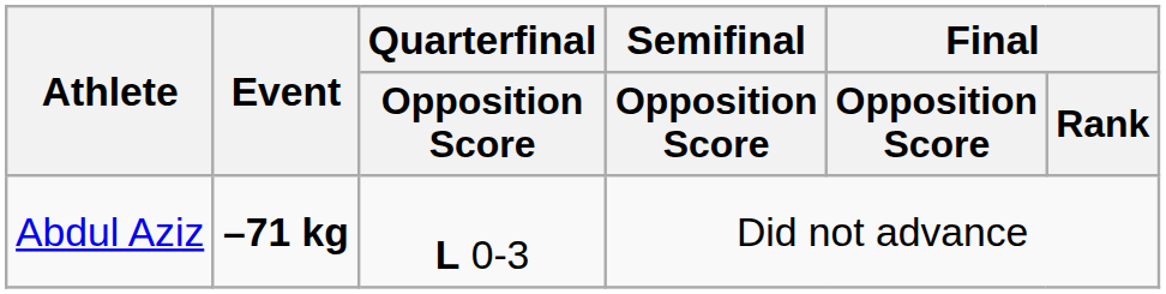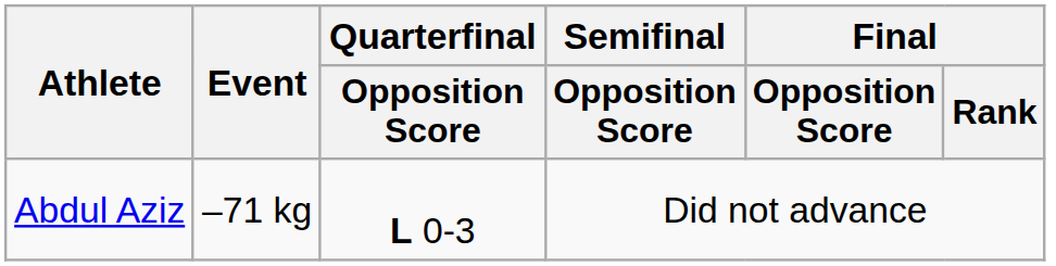 <table class="wikitable" style="font-size:88%";text-align:center>
 <tr>
 <th rowspan="2">Athlete</th>
 <th rowspan="2">Event</th>
 <th>Quarterfinal</th>
 <th>Semifinal</th>
 <th colspan=2>Final</th>
 </tr>
 <tr style="font-size:95%">
 <th>Opposition<br>Score</th>
 <th>Opposition<br>Score</th>
 <th>Opposition<br>Score</th>
 <th>Rank</th>
 </tr>
 <tr align="center">
 <td align=left><a href='#'>Abdul Aziz</a></td>
-<td><strong>–71 kg</strong></td>
+<td>–71 kg</td>
 <td align="center"><br> <strong>L</strong> 0-3</td>
 <td colspan=3>Did not advance</td>
 </tr>
 </table>
